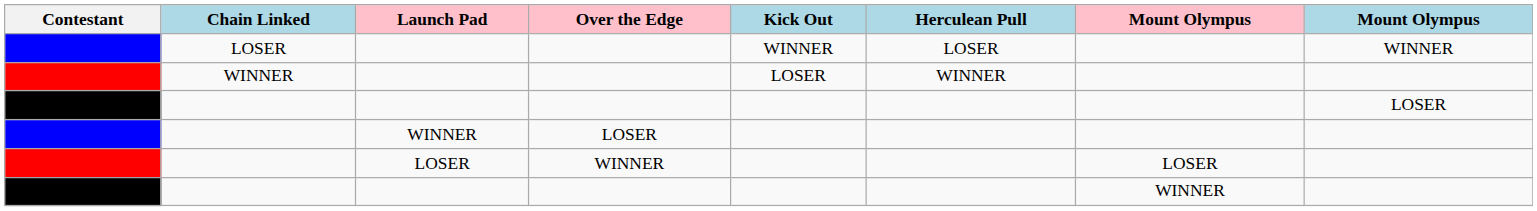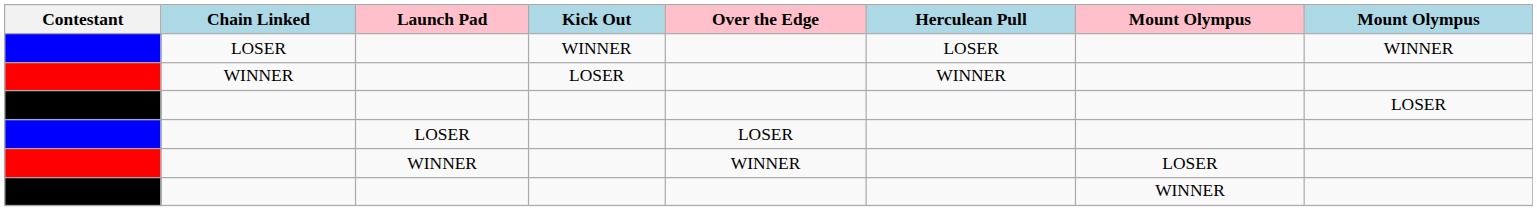 <table class="wikitable" style="text-align:center; font-size:90%; width:100%">
 <tr>
 <th>Contestant</th>
 <th style="background:lightblue;">Chain Linked</th>
 <th style="background:pink;">Launch Pad</th>
+<th style="background:lightblue;">Kick Out</th>
 <th style="background:pink;">Over the Edge</th>
-<th style="background:lightblue;">Kick Out</th>
 <th style="background:lightblue;">Herculean Pull</th>
 <th style="background:pink;">Mount Olympus</th>
 <th style="background:lightblue;">Mount Olympus</th>
 </tr>
 <tr>
 <td style="background:blue;"></td>
 <td>LOSER</td>
 <td></td>
+<td>WINNER</td>
 <td></td>
-<td>WINNER</td>
 <td>LOSER</td>
 <td></td>
 <td>WINNER</td>
 </tr>
 <tr>
 <td style="background:red;"></td>
 <td>WINNER</td>
 <td></td>
+<td>LOSER</td>
 <td></td>
-<td>LOSER</td>
 <td>WINNER</td>
 <td></td>
 <td></td>
 </tr>
 <tr>
 <td style="background:black;"></td>
 <td></td>
 <td></td>
 <td></td>
 <td></td>
 <td></td>
 <td></td>
 <td>LOSER</td>
 </tr>
 <tr>
 <td style="background:blue;"></td>
 <td></td>
-<td>WINNER</td>
 <td>LOSER</td>
 <td></td>
+<td>LOSER</td>
 <td></td>
 <td></td>
 <td></td>
 </tr>
 <tr>
 <td style="background:red;"></td>
 <td></td>
-<td>LOSER</td>
 <td>WINNER</td>
 <td></td>
+<td>WINNER</td>
 <td></td>
 <td>LOSER</td>
 <td></td>
 </tr>
 <tr>
 <td style="background:black;"></td>
 <td></td>
 <td></td>
 <td></td>
 <td></td>
 <td></td>
 <td>WINNER</td>
 <td></td>
 </tr>
 </table>
